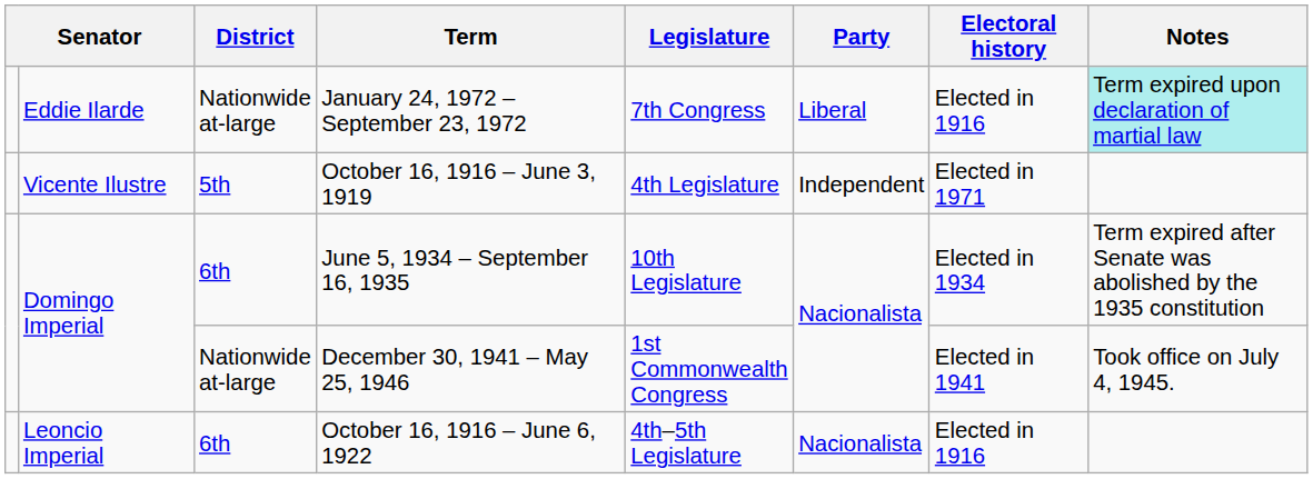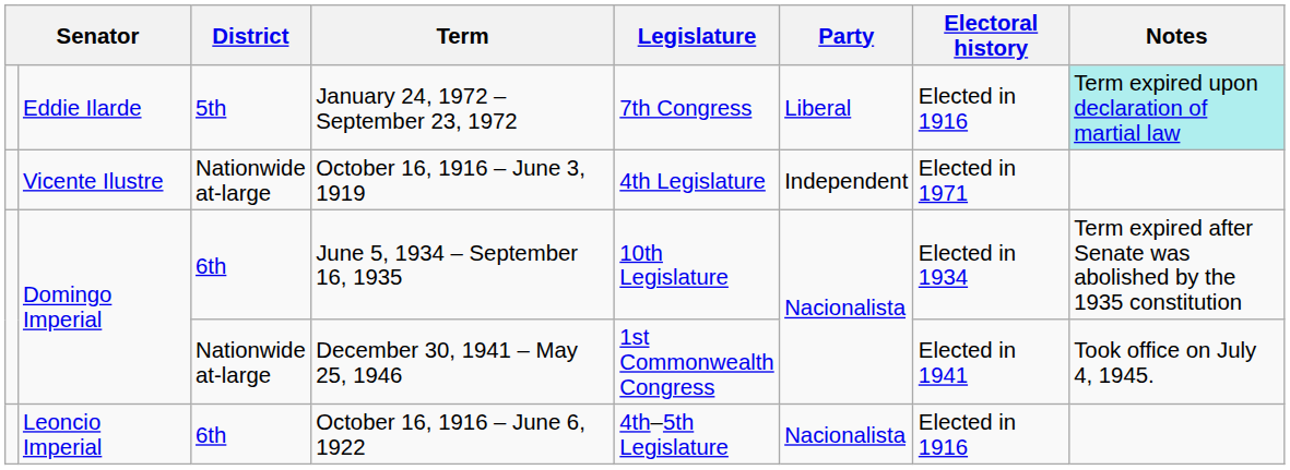 <table class="wikitable" style="font-size:95%" width=99%>
 <tr>
 <th colspan="2" width="15%">Senator</th>
 <th width="8%"><a href='#'>District</a></th>
 <th width="25%">Term</th>
 <th width="12%"><a href='#'>Legislature</a></th>
 <th width="10%"><a href='#'>Party</a></th>
 <th width="12.5%"><a href='#'>Electoral history</a></th>
 <th width="17.5%">Notes</th>
 </tr>
 <tr>
 <td width=1% style="background-color:"></td>
 <td><a href='#'>Eddie Ilarde</a></td>
-<td>Nationwide at-large</td>
+<td><a href='#'>5th</a></td>
 <td>January 24, 1972 – September 23, 1972</td>
 <td><a href='#'>7th Congress</a></td>
 <td><a href='#'>Liberal</a></td>
 <td>Elected in <a href='#'>1916</a></td>
 <td style="background: paleturquoise;">Term expired upon <a href='#'>declaration of martial law</a></td>
 </tr>
 <tr>
 <td style="background-color:"></td>
 <td><a href='#'>Vicente Ilustre</a></td>
-<td><a href='#'>5th</a></td>
+<td>Nationwide at-large</td>
 <td>October 16, 1916 – June 3, 1919</td>
 <td><a href='#'>4th Legislature</a></td>
 <td>Independent</td>
 <td>Elected in <a href='#'>1971</a></td>
 <td></td>
 </tr>
 <tr>
 <td rowspan="2" style="background-color:"></td>
 <td rowspan="2"><a href='#'>Domingo Imperial</a></td>
 <td><a href='#'>6th</a></td>
 <td>June 5, 1934 – September 16, 1935</td>
 <td><a href='#'>10th Legislature</a></td>
 <td rowspan="2"><a href='#'>Nacionalista</a></td>
 <td>Elected in <a href='#'>1934</a></td>
 <td>Term expired after Senate was abolished by the 1935 constitution</td>
 </tr>
 <tr>
 <td>Nationwide at-large</td>
 <td>December 30, 1941 – May 25, 1946</td>
 <td><a href='#'>1st Commonwealth Congress</a></td>
 <td>Elected in <a href='#'>1941</a></td>
 <td>Took office on July 4, 1945.</td>
 </tr>
 <tr>
 <td style="background-color:"></td>
 <td><a href='#'>Leoncio Imperial</a></td>
 <td><a href='#'>6th</a></td>
 <td>October 16, 1916 – June 6, 1922</td>
 <td><a href='#'>4th</a>–<a href='#'>5th Legislature</a></td>
 <td><a href='#'>Nacionalista</a></td>
 <td>Elected in <a href='#'>1916</a></td>
 <td></td>
 </tr>
 </table>
